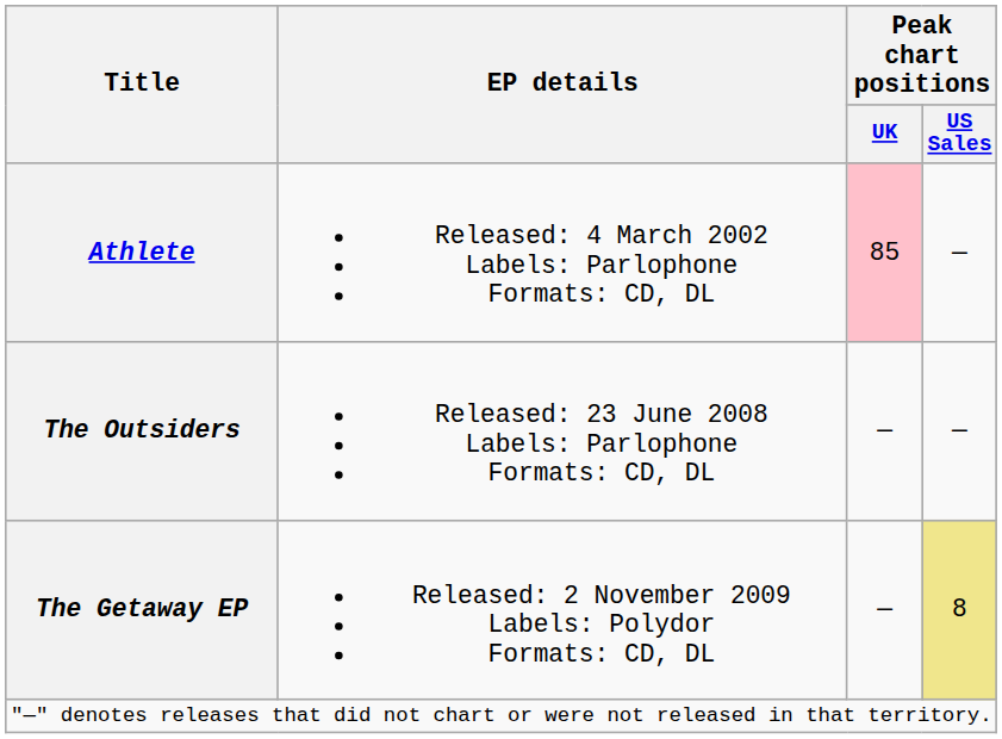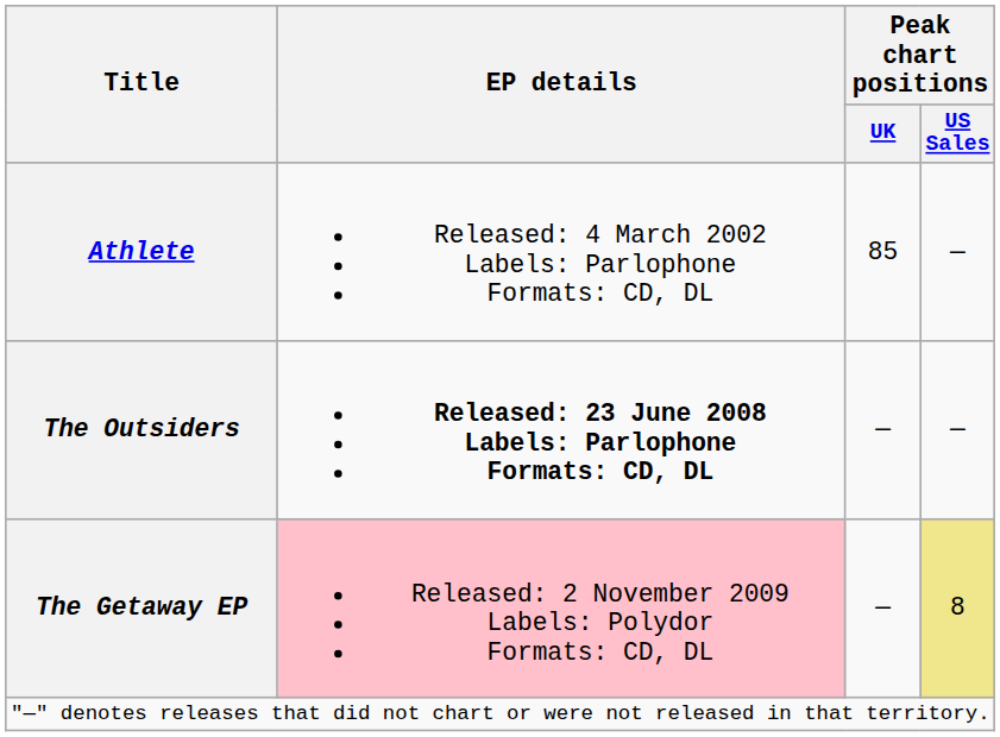 <table class="wikitable plainrowheaders" style="text-align:center;">
 <tr>
 <th scope="col" rowspan="2">Title</th>
 <th scope="col" rowspan="2">EP details</th>
 <th scope="col" colspan="2">Peak chart positions</th>
 </tr>
 <tr>
 <th style="width:3em;font-size:85%;"><a href='#'>UK</a><br></th>
 <th style="width:3em;font-size:85%;"><a href='#'>US<br>Sales</a><br></th>
 </tr>
 <tr>
 <th scope="row"><em><a href='#'>Athlete</a></em></th>
 <td><br><ul><li>Released: 4 March 2002</li><li>Labels: Parlophone</li><li>Formats: CD, DL</li></ul></td>
-<td style="background: pink;">85</td>
+<td>85</td>
 <td>—</td>
 </tr>
 <tr>
 <th scope="row"><em>The Outsiders</em></th>
-<td><br><ul><li>Released: 23 June 2008</li><li>Labels: Parlophone</li><li>Formats: CD, DL</li></ul></td>
+<td><strong><br><ul><li>Released: 23 June 2008</li><li>Labels: Parlophone</li><li>Formats: CD, DL</li></ul></strong></td>
 <td>—</td>
 <td>—</td>
 </tr>
 <tr>
 <th scope="row"><em>The Getaway EP</em></th>
-<td><br><ul><li>Released: 2 November 2009</li><li>Labels: Polydor</li><li>Formats: CD, DL</li></ul></td>
+<td style="background: pink;"><br><ul><li>Released: 2 November 2009</li><li>Labels: Polydor</li><li>Formats: CD, DL</li></ul></td>
 <td>—</td>
 <td style="background: khaki;">8</td>
 </tr>
 <tr>
 <td align="center" colspan="15" style="font-size: 8pt">"—" denotes releases that did not chart or were not released in that territory.</td>
 </tr>
 </table>
